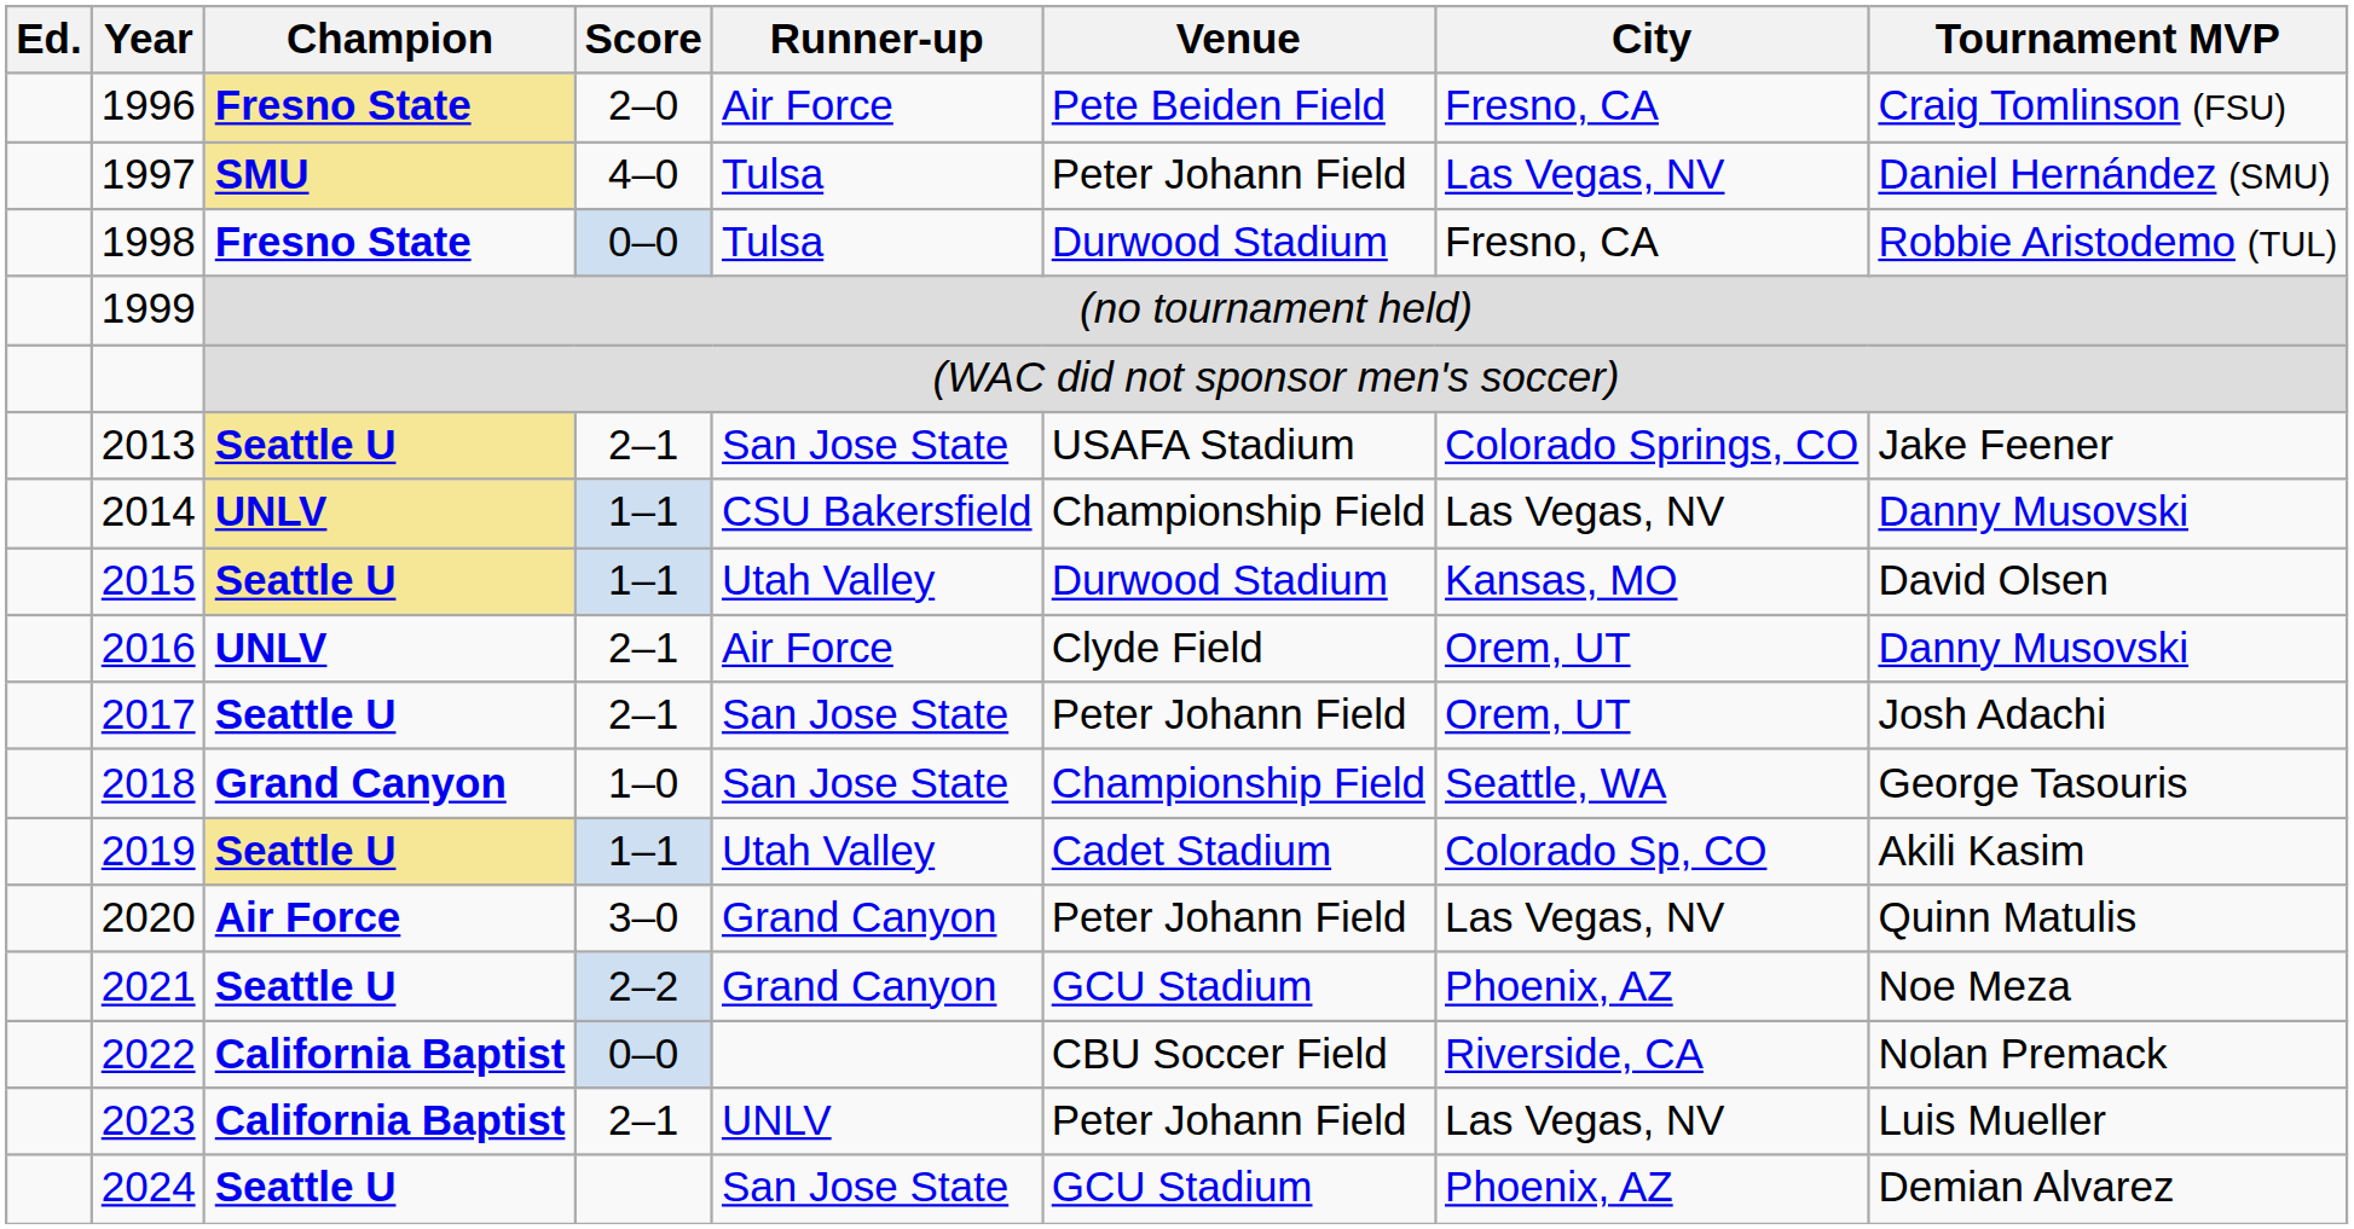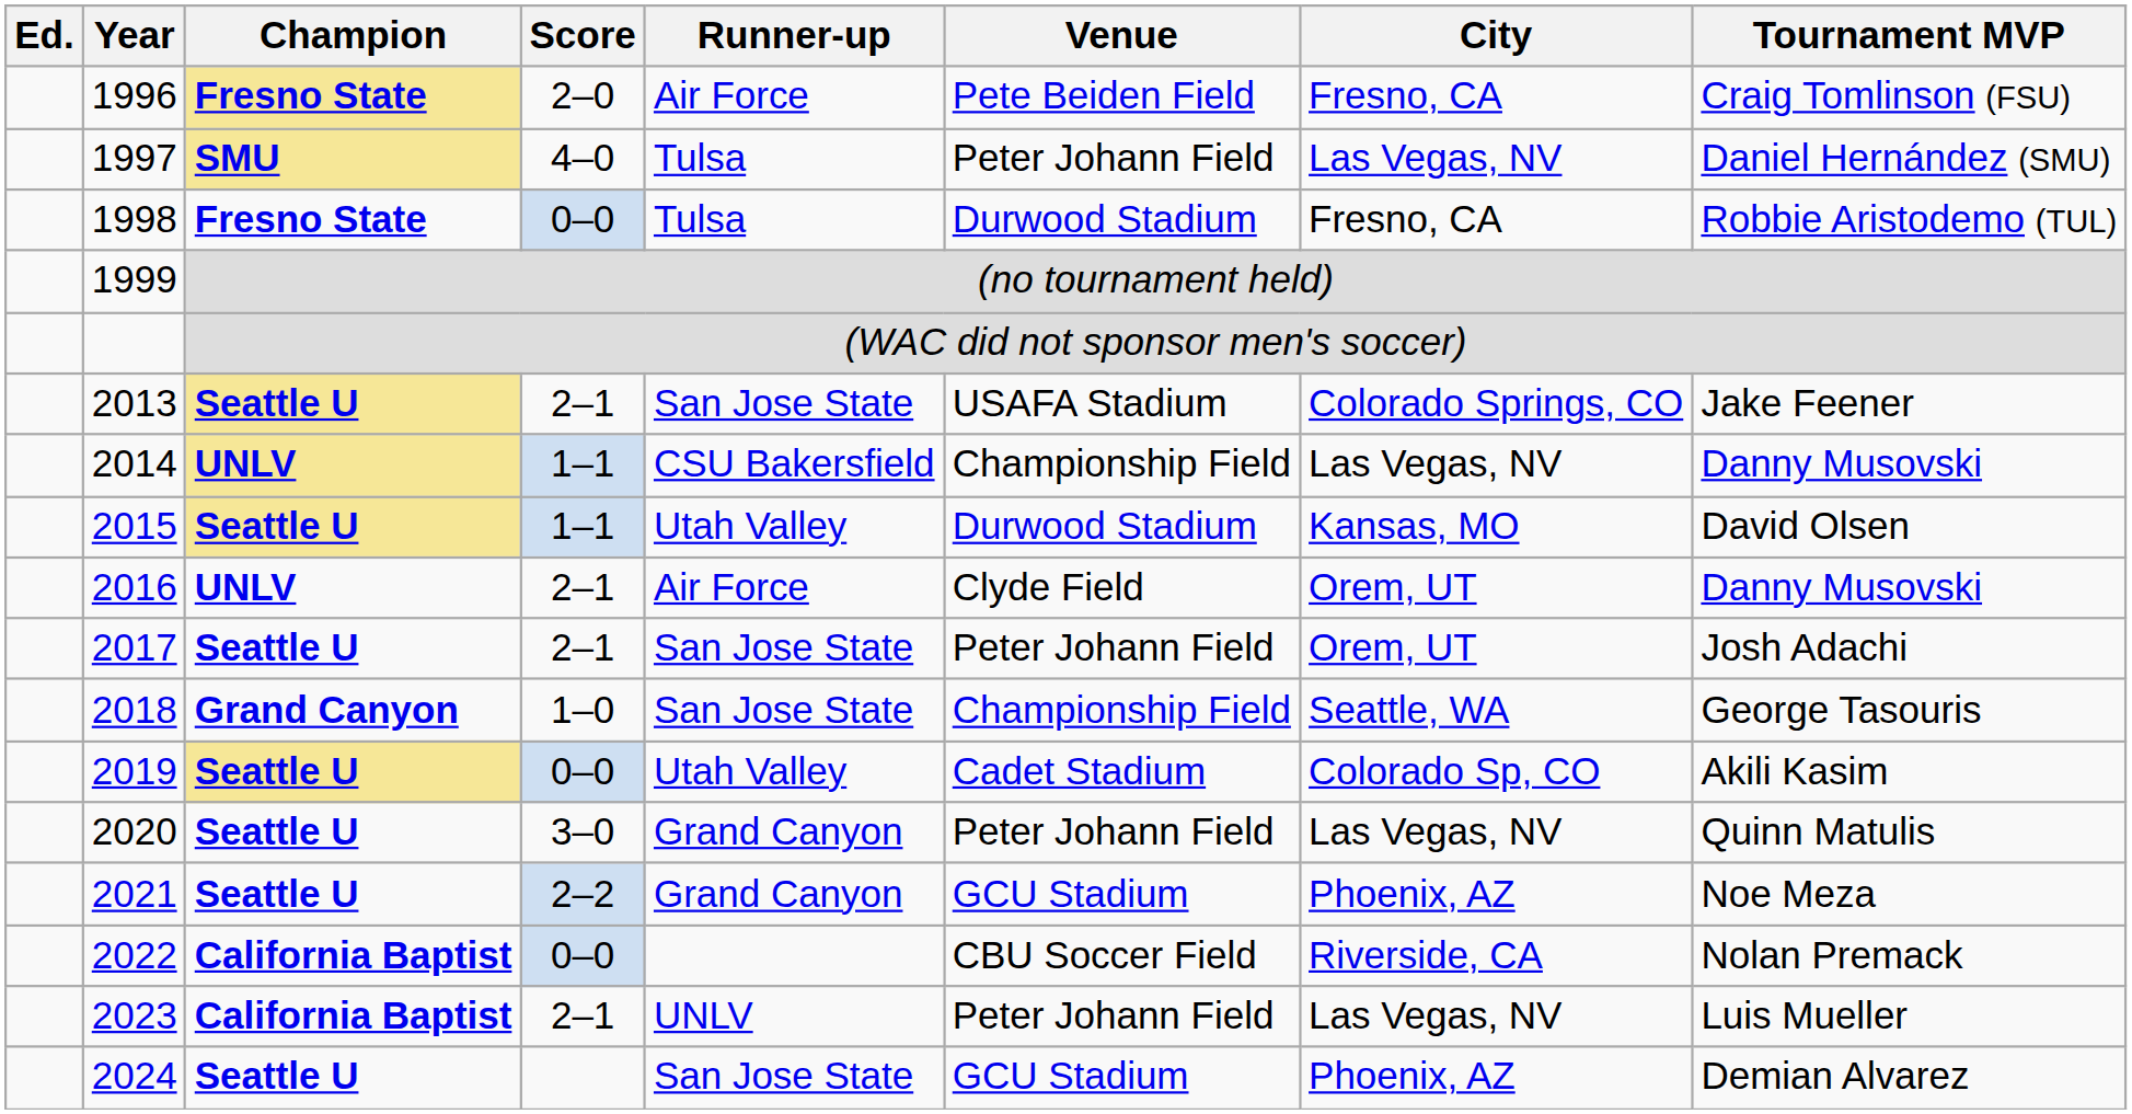 <table class="wikitable sortable" style="font-size: 99%;">
 <tr>
 <th width=px>Ed.</th>
 <th width=px>Year</th>
 <th width=px>Champion</th>
 <th width=px>Score</th>
 <th width=px>Runner-up</th>
 <th width=px>Venue</th>
 <th width=px>City</th>
 <th width=px>Tournament MVP</th>
 </tr>
 <tr>
 <td></td>
 <td>1996</td>
 <td bgcolor=#F6E797><strong><a href='#'>Fresno State</a></strong> </td>
 <td align=center>2–0</td>
 <td><a href='#'>Air Force</a></td>
 <td><a href='#'>Pete Beiden Field</a></td>
 <td><a href='#'>Fresno, CA</a></td>
 <td><a href='#'>Craig Tomlinson</a> <small>(FSU)</small></td>
 </tr>
 <tr>
 <td></td>
 <td>1997</td>
 <td bgcolor=#F6E797><strong><a href='#'>SMU</a></strong> </td>
 <td align=center>4–0</td>
 <td><a href='#'>Tulsa</a></td>
 <td>Peter Johann Field</td>
 <td><a href='#'>Las Vegas, NV</a></td>
 <td><a href='#'>Daniel Hernández</a> <small>(SMU)</small></td>
 </tr>
 <tr>
 <td></td>
 <td>1998</td>
 <td><strong><a href='#'>Fresno State</a></strong> </td>
 <td align=center style="background-color:#cedff2">0–0 </td>
 <td><a href='#'>Tulsa</a></td>
 <td><a href='#'>Durwood Stadium</a></td>
 <td>Fresno, CA</td>
 <td><a href='#'>Robbie Aristodemo</a> <small>(TUL)</small></td>
 </tr>
 <tr>
 <td></td>
 <td>1999</td>
 <td colspan="6" align="center" style=background:#dddddd><em>(no tournament held)</em></td>
 </tr>
 <tr>
 <td></td>
 <td></td>
 <td colspan="6" align="center" style=background:#dddddd><em>(WAC did not sponsor men's soccer)</em></td>
 </tr>
 <tr>
 <td></td>
 <td>2013</td>
 <td bgcolor=#F6E797><strong><a href='#'>Seattle U</a></strong> </td>
 <td align=center>2–1</td>
 <td><a href='#'>San Jose State</a></td>
 <td>USAFA Stadium</td>
 <td><a href='#'>Colorado Springs, CO</a></td>
 <td>Jake Feener </td>
 </tr>
 <tr>
 <td></td>
 <td>2014</td>
 <td bgcolor=#F6E797><strong><a href='#'>UNLV</a></strong> </td>
 <td align=center style="background-color:#cedff2">1–1 </td>
 <td><a href='#'>CSU Bakersfield</a></td>
 <td>Championship Field</td>
 <td>Las Vegas, NV</td>
 <td><a href='#'>Danny Musovski</a> </td>
 </tr>
 <tr>
 <td></td>
 <td><a href='#'>2015</a></td>
 <td bgcolor=#F6E797><strong><a href='#'>Seattle U</a></strong> </td>
 <td align=center style="background-color:#cedff2">1–1 </td>
 <td><a href='#'>Utah Valley</a></td>
 <td><a href='#'>Durwood Stadium</a></td>
 <td><a href='#'>Kansas, MO</a></td>
 <td>David Olsen </td>
 </tr>
 <tr>
 <td></td>
 <td><a href='#'>2016</a></td>
 <td><strong><a href='#'>UNLV</a></strong> </td>
 <td align=center>2–1</td>
 <td><a href='#'>Air Force</a></td>
 <td>Clyde Field</td>
 <td><a href='#'>Orem, UT</a></td>
 <td><a href='#'>Danny Musovski</a> </td>
 </tr>
 <tr>
 <td></td>
 <td><a href='#'>2017</a></td>
 <td><strong><a href='#'>Seattle U</a></strong> </td>
 <td align=center>2–1</td>
 <td><a href='#'>San Jose State</a></td>
 <td>Peter Johann Field</td>
 <td><a href='#'>Orem, UT</a></td>
 <td>Josh Adachi </td>
 </tr>
 <tr>
 <td></td>
 <td><a href='#'>2018</a></td>
 <td><strong><a href='#'>Grand Canyon</a></strong> </td>
 <td align=center>1–0</td>
 <td><a href='#'>San Jose State</a></td>
 <td><a href='#'>Championship Field</a></td>
 <td><a href='#'>Seattle, WA</a></td>
 <td>George Tasouris </td>
 </tr>
 <tr>
 <td></td>
 <td><a href='#'>2019</a></td>
 <td bgcolor=#F6E797><strong><a href='#'>Seattle U</a></strong> </td>
-<td align=center style="background-color:#cedff2">1–1 </td>
+<td align=center style="background-color:#cedff2">0–0 </td>
 <td><a href='#'>Utah Valley</a></td>
 <td><a href='#'>Cadet Stadium</a></td>
 <td><a href='#'>Colorado Sp, CO</a></td>
 <td>Akili Kasim </td>
 </tr>
 <tr>
 <td></td>
 <td>2020</td>
-<td><strong><a href='#'>Air Force</a></strong> </td>
+<td><strong><a href='#'>Seattle U</a></strong> </td>
 <td align=center>3–0</td>
 <td><a href='#'>Grand Canyon</a></td>
 <td>Peter Johann Field</td>
 <td>Las Vegas, NV</td>
 <td>Quinn Matulis </td>
 </tr>
 <tr>
 <td></td>
 <td><a href='#'>2021</a></td>
 <td><strong><a href='#'>Seattle U</a></strong> </td>
 <td align=center style="background-color:#cedff2">2–2 </td>
 <td><a href='#'>Grand Canyon</a></td>
 <td><a href='#'>GCU Stadium</a></td>
 <td><a href='#'>Phoenix, AZ</a></td>
 <td>Noe Meza </td>
 </tr>
 <tr>
 <td></td>
 <td><a href='#'>2022</a></td>
 <td><strong><a href='#'>California Baptist</a></strong> </td>
 <td align=center style="background-color:#cedff2">0–0 </td>
 <td></td>
 <td>CBU Soccer Field</td>
 <td><a href='#'>Riverside, CA</a></td>
 <td>Nolan Premack </td>
 </tr>
 <tr>
 <td></td>
 <td><a href='#'>2023</a></td>
 <td><strong><a href='#'>California Baptist</a></strong> </td>
 <td align=center>2–1</td>
 <td><a href='#'>UNLV</a></td>
 <td>Peter Johann Field</td>
 <td>Las Vegas, NV</td>
 <td>Luis Mueller </td>
 </tr>
 <tr>
 <td></td>
 <td><a href='#'>2024</a></td>
 <td><strong><a href='#'>Seattle U</a></strong> </td>
 <td></td>
 <td><a href='#'>San Jose State</a></td>
 <td><a href='#'>GCU Stadium</a></td>
 <td><a href='#'>Phoenix, AZ</a></td>
 <td>Demian Alvarez </td>
 </tr>
 </table>
